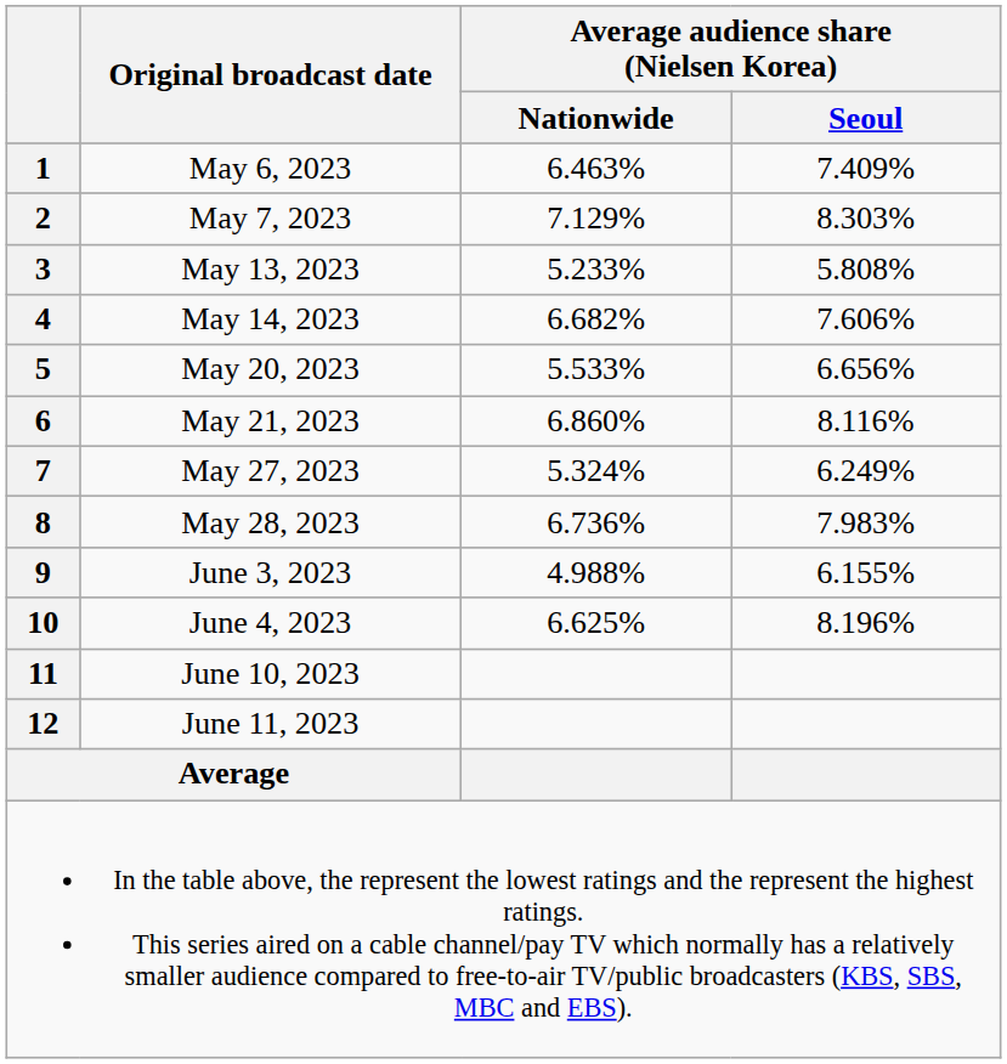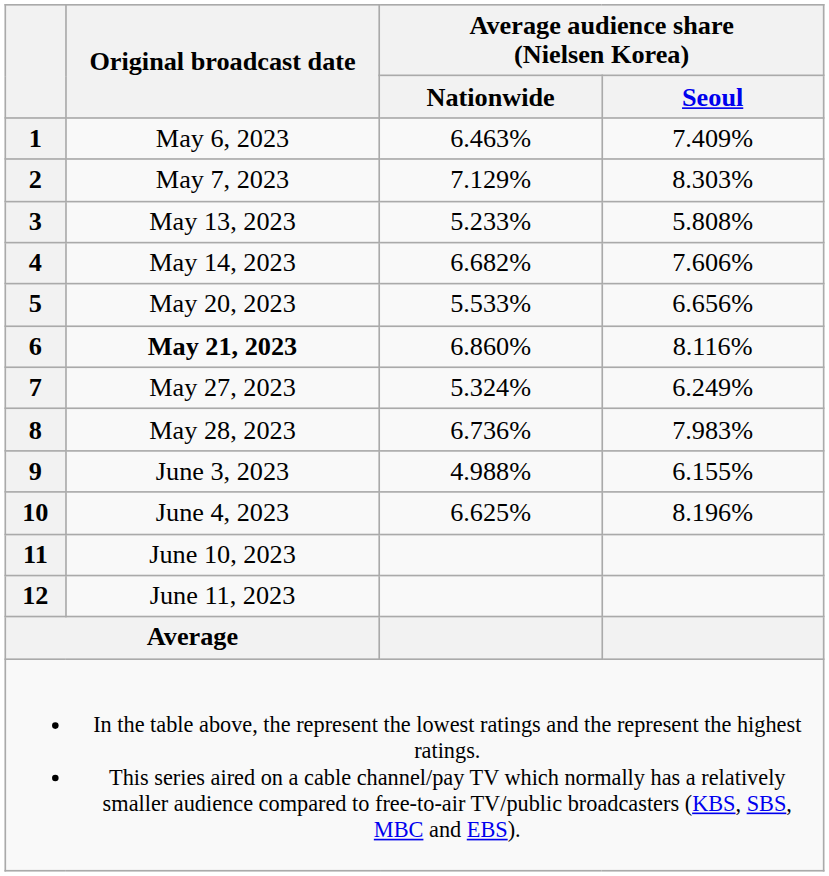 <table class="wikitable" style="margin-left:auto; margin-right:auto; width:500px; text-align:center">
 <tr>
 <th scope="col" rowspan="2"></th>
 <th scope="col" rowspan="2">Original broadcast date</th>
 <th scope="col" colspan="2">Average audience share<br>(Nielsen Korea)</th>
 </tr>
 <tr>
 <th scope="col" style="width:8em">Nationwide</th>
 <th scope="col" style="width:8em"><a href='#'>Seoul</a></th>
 </tr>
 <tr>
 <th scope="row">1</th>
 <td>May 6, 2023</td>
 <td>6.463% </td>
 <td>7.409% </td>
 </tr>
 <tr>
 <th scope="row">2</th>
 <td>May 7, 2023</td>
 <td>7.129% </td>
 <td>8.303% </td>
 </tr>
 <tr>
 <th scope="row">3</th>
 <td>May 13, 2023</td>
 <td>5.233% </td>
 <td>5.808% </td>
 </tr>
 <tr>
 <th scope="row">4</th>
 <td>May 14, 2023</td>
 <td>6.682% </td>
 <td>7.606% </td>
 </tr>
 <tr>
 <th scope="row">5</th>
 <td>May 20, 2023</td>
 <td>5.533% </td>
 <td>6.656% </td>
 </tr>
 <tr>
 <th scope="row">6</th>
-<td>May 21, 2023</td>
+<td><strong>May 21, 2023</strong></td>
 <td>6.860% </td>
 <td>8.116% </td>
 </tr>
 <tr>
 <th scope="row">7</th>
 <td>May 27, 2023</td>
 <td>5.324% </td>
 <td>6.249% </td>
 </tr>
 <tr>
 <th scope="row">8</th>
 <td>May 28, 2023</td>
 <td>6.736% </td>
 <td>7.983% </td>
 </tr>
 <tr>
 <th scope="row">9</th>
 <td>June 3, 2023</td>
 <td>4.988% </td>
 <td>6.155% </td>
 </tr>
 <tr>
 <th scope="row">10</th>
 <td>June 4, 2023</td>
 <td>6.625% </td>
 <td>8.196% </td>
 </tr>
 <tr>
 <th scope="row">11</th>
 <td>June 10, 2023</td>
 <td><strong></strong> </td>
 <td><strong></strong> </td>
 </tr>
 <tr>
 <th scope="row">12</th>
 <td>June 11, 2023</td>
 <td><strong></strong> </td>
 <td><strong></strong> </td>
 </tr>
 <tr>
 <th colspan="2">Average</th>
 <th></th>
 <th></th>
 </tr>
 <tr>
 <td colspan="4" style="font-size:85%"><br><ul><li>In the table above, the <strong></strong> represent the lowest ratings and the <strong></strong> represent the highest ratings.</li><li>This series aired on a cable channel/pay TV which normally has a relatively smaller audience compared to free-to-air TV/public broadcasters (<a href='#'>KBS</a>, <a href='#'>SBS</a>, <a href='#'>MBC</a> and <a href='#'>EBS</a>).</li></ul></td>
 </tr>
 </table>
